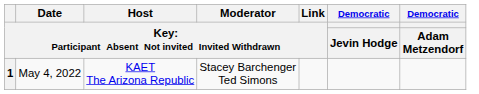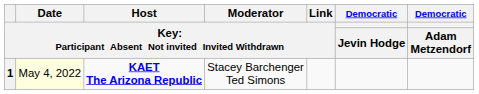 <table class="wikitable" style="text-align:center;">
 <tr>
 <th scope="col"></th>
 <th scope="col">Date</th>
 <th scope="col">Host</th>
 <th scope="col">Moderator</th>
 <th scope="col">Link</th>
 <th scope="col"><small><a href='#'>Democratic</a></small></th>
 <th scope="col"><small><a href='#'>Democratic</a></small></th>
 </tr>
 <tr>
 <th colspan="5" rowspan="2">Key:<br> <small>Participant </small>  <small>Absent </small>  <small>Not invited </small>  <small>Invited  Withdrawn</small></th>
 <th scope="col" style="background:"></th>
 <th scope="col" style="background:"></th>
 </tr>
 <tr>
 <th scope="col">Jevin Hodge</th>
 <th scope="col">Adam<br>Metzendorf</th>
 </tr>
 <tr>
 <th>1</th>
-<td style="white-space:nowrap;">May 4, 2022</td>
-<td style="white-space:nowrap;"><a href='#'>KAET</a><br><a href='#'>The Arizona Republic</a></td>
+<td style="background: lightyellow; white-space:nowrap;">May 4, 2022</td>
+<td style="white-space:nowrap;"><strong><a href='#'>KAET</a><br><a href='#'>The Arizona Republic</a></strong></td>
 <td style="white-space:nowrap;">Stacey Barchenger<br>Ted Simons</td>
 <td style="white-space:nowrap;"></td>
 <td></td>
 <td></td>
 </tr>
 </table>
